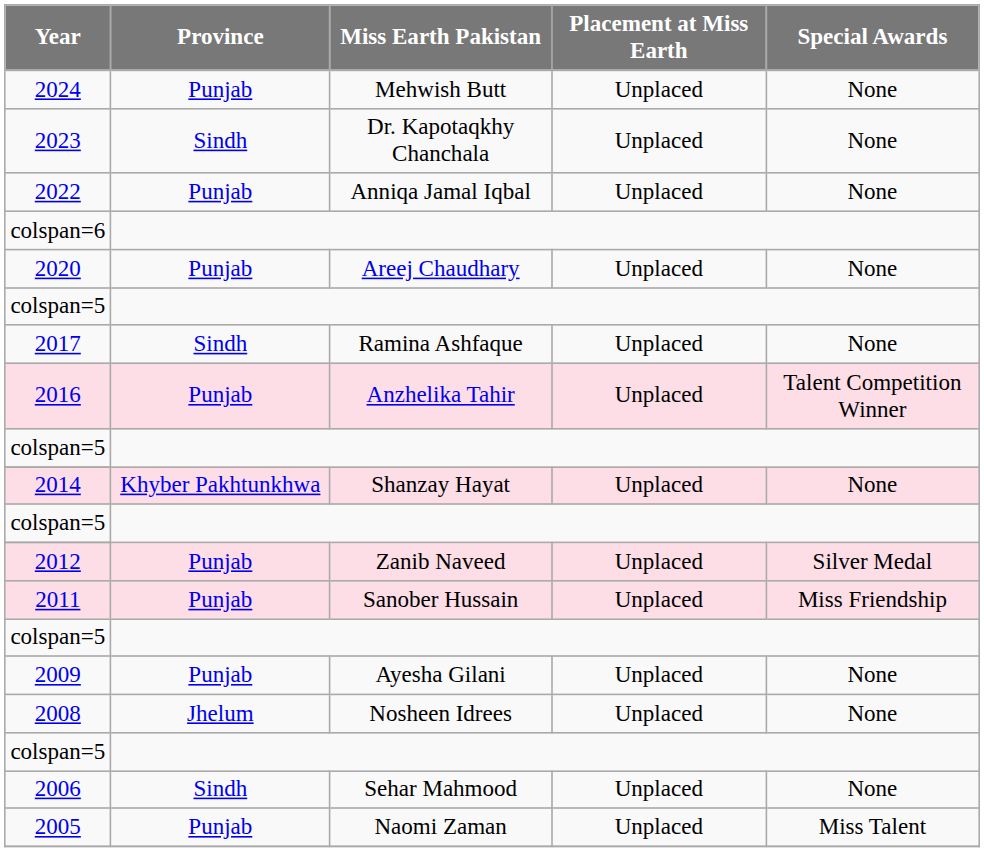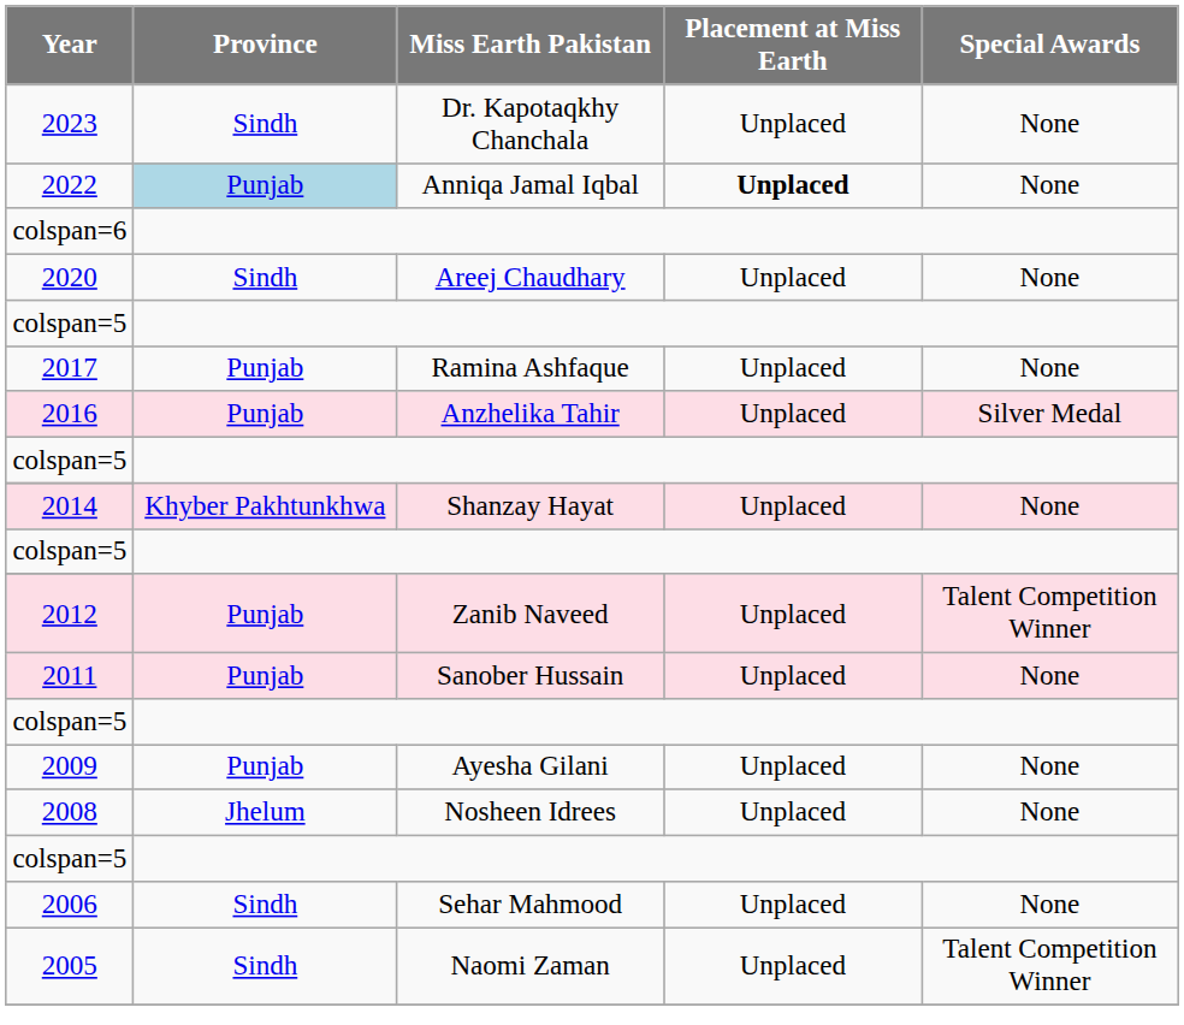 <table class="wikitable" style="font-size: 90%; text-align:center">
 <tr>
 <th width="60" style="background-color:#787878;color:#FFFFFF;">Year</th>
 <th width="230" style="background-color:#787878;color:#FFFFFF;">Province</th>
 <th width="250" style="background-color:#787878;color:#FFFFFF;">Miss Earth Pakistan</th>
 <th width="250" style="background-color:#787878;color:#FFFFFF;">Placement at Miss Earth</th>
 <th width="230" style="background-color:#787878;color:#FFFFFF;">Special Awards</th>
-</tr>
-<tr>
-<td><a href='#'>2024</a></td>
-<td><a href='#'>Punjab</a></td>
-<td>Mehwish Butt</td>
-<td>Unplaced</td>
-<td>None</td>
 </tr>
 <tr>
 <td><a href='#'>2023</a></td>
 <td><a href='#'>Sindh</a></td>
 <td>Dr. Kapotaqkhy Chanchala</td>
 <td>Unplaced</td>
 <td>None</td>
 </tr>
 <tr>
 <td><a href='#'>2022</a></td>
-<td><a href='#'>Punjab</a></td>
+<td style="background: lightblue;"><a href='#'>Punjab</a></td>
 <td>Anniqa Jamal Iqbal</td>
-<td>Unplaced</td>
+<td><strong>Unplaced</strong></td>
 <td>None</td>
 </tr>
 <tr>
 <td>colspan=6 </td>
 </tr>
 <tr>
 <td><a href='#'>2020</a></td>
-<td><a href='#'>Punjab</a></td>
+<td><a href='#'>Sindh</a></td>
 <td><a href='#'>Areej Chaudhary</a></td>
 <td>Unplaced</td>
 <td>None</td>
 </tr>
 <tr>
 <td>colspan=5 </td>
 </tr>
 <tr>
 <td><a href='#'>2017</a></td>
-<td><a href='#'>Sindh</a></td>
+<td><a href='#'>Punjab</a></td>
 <td>Ramina Ashfaque</td>
 <td>Unplaced</td>
 <td>None</td>
 </tr>
 <tr style="background-color:#FDDDE6;">
 <td><a href='#'>2016</a></td>
 <td><a href='#'>Punjab</a></td>
 <td><a href='#'>Anzhelika Tahir</a></td>
 <td>Unplaced</td>
-<td>Talent Competition Winner</td>
+<td>Silver Medal</td>
 </tr>
 <tr>
 <td>colspan=5 </td>
 </tr>
 <tr>
 </tr>
 <tr style="background-color:#FDDDE6;">
 <td><a href='#'>2014</a></td>
 <td><a href='#'>Khyber Pakhtunkhwa</a></td>
 <td>Shanzay Hayat</td>
 <td>Unplaced</td>
 <td>None</td>
 </tr>
 <tr>
 <td>colspan=5 </td>
 </tr>
 <tr>
 </tr>
 <tr style="background-color:#FDDDE6;">
 <td><a href='#'>2012</a></td>
 <td><a href='#'>Punjab</a></td>
 <td>Zanib Naveed</td>
 <td>Unplaced</td>
-<td>Silver Medal</td>
+<td>Talent Competition Winner</td>
 </tr>
 <tr style="background-color:#FDDDE6;">
 <td><a href='#'>2011</a></td>
 <td><a href='#'>Punjab</a></td>
 <td>Sanober Hussain</td>
 <td>Unplaced</td>
-<td>Miss Friendship</td>
+<td>None</td>
 </tr>
 <tr>
 <td>colspan=5 </td>
 </tr>
 <tr>
 <td><a href='#'>2009</a></td>
 <td><a href='#'>Punjab</a></td>
 <td>Ayesha Gilani</td>
 <td>Unplaced</td>
 <td>None</td>
 </tr>
 <tr>
 <td><a href='#'>2008</a></td>
 <td><a href='#'>Jhelum</a></td>
 <td>Nosheen Idrees</td>
 <td>Unplaced</td>
 <td>None</td>
 </tr>
 <tr>
 <td>colspan=5 </td>
 </tr>
 <tr>
 <td><a href='#'>2006</a></td>
 <td><a href='#'>Sindh</a></td>
 <td>Sehar Mahmood</td>
 <td>Unplaced</td>
 <td>None</td>
 </tr>
 <tr>
 <td><a href='#'>2005</a></td>
-<td><a href='#'>Punjab</a></td>
+<td><a href='#'>Sindh</a></td>
 <td>Naomi Zaman</td>
 <td>Unplaced</td>
-<td>Miss Talent</td>
+<td>Talent Competition Winner</td>
 </tr>
 <tr>
 </tr>
 </table>
